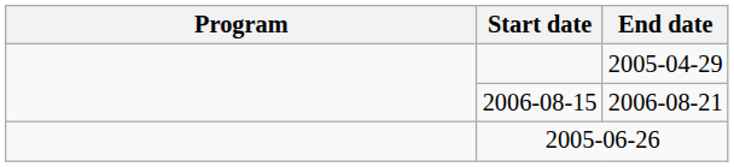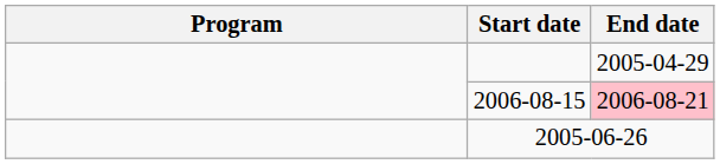 <table class="wikitable" style="text-align:center;">
 <tr>
 <th width=300>Program</th>
 <th>Start date</th>
 <th>End date</th>
 </tr>
 <tr>
 <td rowspan="2"></td>
 <td></td>
 <td>2005-04-29</td>
 </tr>
 <tr>
 <td>2006-08-15</td>
-<td>2006-08-21</td>
+<td style="background: pink;">2006-08-21</td>
 </tr>
 <tr>
 <td></td>
 <td colspan="2">2005-06-26</td>
 </tr>
 </table>
